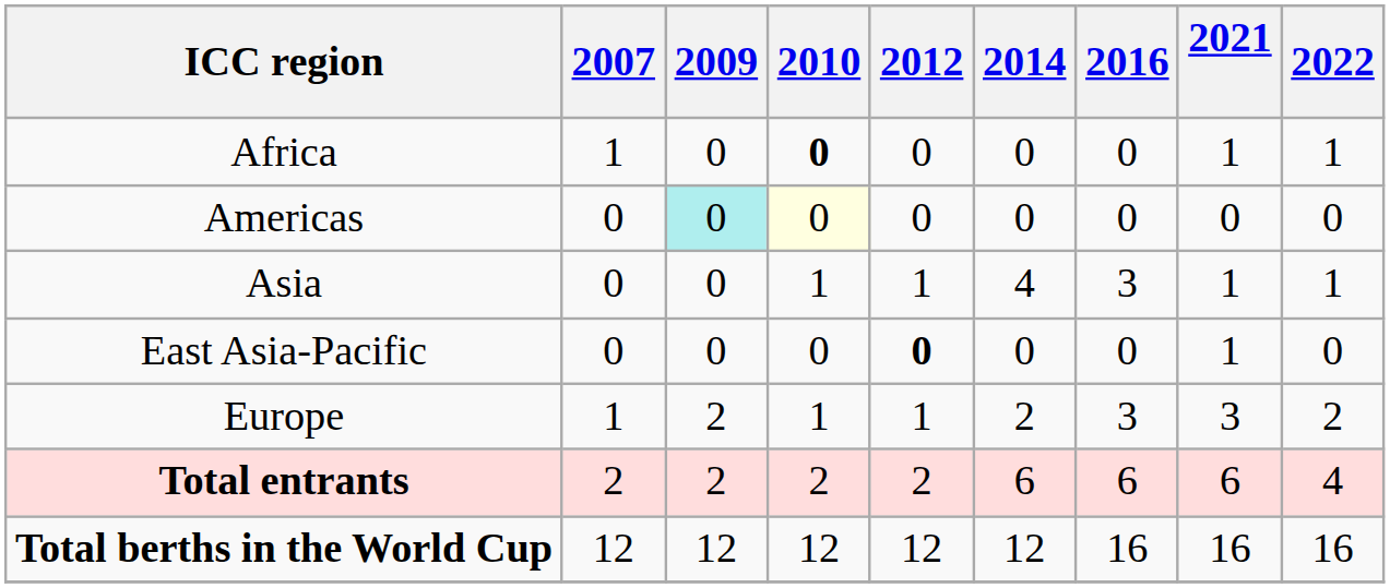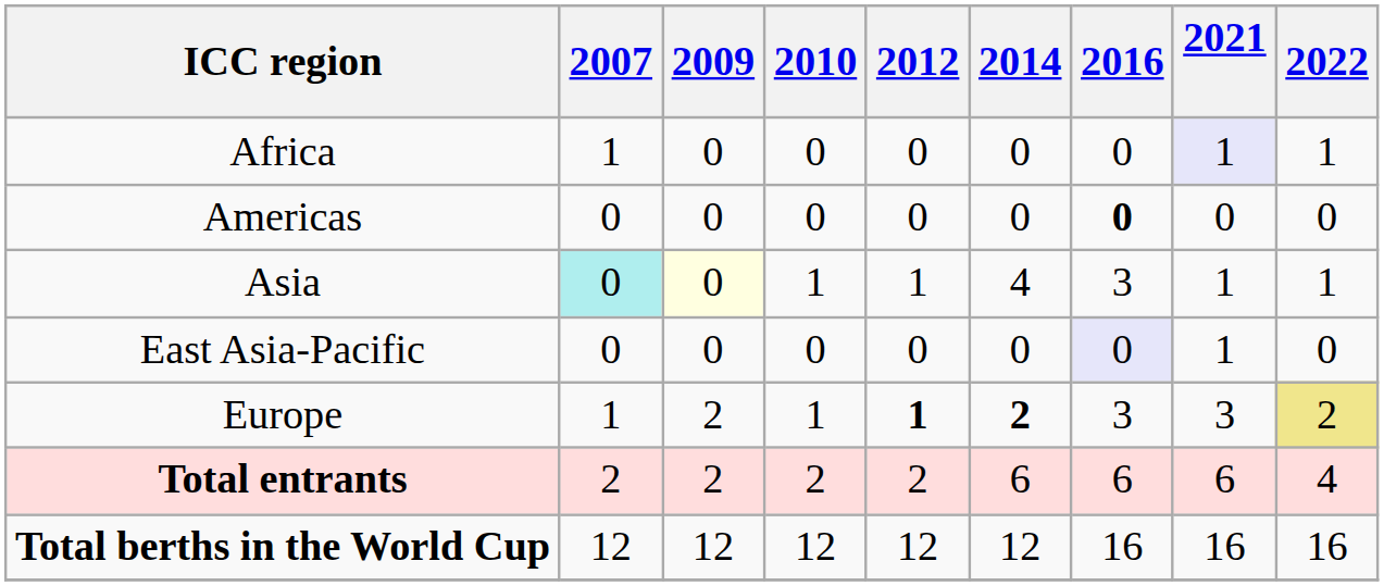 <table class="wikitable">
 <tr style="background:#ccc; text-align:center;">
 <th>ICC region</th>
 <th><a href='#'>2007</a><br></th>
 <th><a href='#'>2009</a><br></th>
 <th><a href='#'>2010</a><br></th>
 <th><a href='#'>2012</a><br></th>
 <th><a href='#'>2014</a><br></th>
 <th><a href='#'>2016</a><br></th>
 <th><a href='#'>2021</a><br><br></th>
 <th><a href='#'>2022</a><br></th>
 </tr>
 <tr style="text-align:center;">
 <td>Africa</td>
 <td>1</td>
 <td>0</td>
-<td><strong>0</strong></td>
 <td>0</td>
 <td>0</td>
 <td>0</td>
-<td>1</td>
+<td>0</td>
+<td style="background: lavender;">1</td>
 <td>1</td>
 </tr>
 <tr style="text-align:center;">
 <td>Americas</td>
 <td>0</td>
-<td style="background: paleturquoise;">0</td>
-<td style="background: lightyellow;">0</td>
 <td>0</td>
 <td>0</td>
 <td>0</td>
+<td>0</td>
+<td><strong>0</strong></td>
 <td>0</td>
 <td>0</td>
 </tr>
 <tr style="text-align:center;">
 <td>Asia</td>
-<td>0</td>
-<td>0</td>
+<td style="background: paleturquoise;">0</td>
+<td style="background: lightyellow;">0</td>
 <td>1</td>
 <td>1</td>
 <td>4</td>
 <td>3</td>
 <td>1</td>
 <td>1</td>
 </tr>
 <tr style="text-align:center;">
 <td>East Asia-Pacific</td>
 <td>0</td>
 <td>0</td>
 <td>0</td>
-<td><strong>0</strong></td>
 <td>0</td>
 <td>0</td>
+<td style="background: lavender;">0</td>
 <td>1</td>
 <td>0</td>
 </tr>
 <tr style="text-align:center;">
 <td>Europe</td>
 <td>1</td>
 <td>2</td>
 <td>1</td>
-<td>1</td>
-<td>2</td>
+<td><strong>1</strong></td>
+<td><strong>2</strong></td>
 <td>3</td>
 <td>3</td>
-<td>2</td>
+<td style="background: khaki;">2</td>
 </tr>
 <tr style="background:#fdd; text-align:center;">
 <td><strong>Total entrants</strong></td>
 <td>2</td>
 <td>2</td>
 <td>2</td>
 <td>2</td>
 <td>6</td>
 <td>6</td>
 <td>6</td>
 <td>4</td>
 </tr>
 <tr style="text-align:center;">
 <td><strong>Total berths in the World Cup</strong></td>
 <td>12</td>
 <td>12</td>
 <td>12</td>
 <td>12</td>
 <td>12</td>
 <td>16</td>
 <td>16</td>
 <td>16</td>
 </tr>
 <tr>
 </tr>
 </table>
